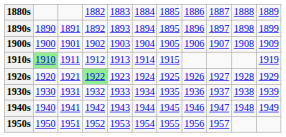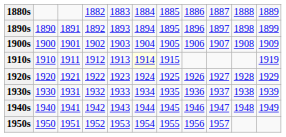 <table class="wikitable">
 <tr>
 <th>1880s</th>
 <td></td>
 <td></td>
 <td><a href='#'>1882</a></td>
 <td><a href='#'>1883</a></td>
 <td><a href='#'>1884</a></td>
 <td><a href='#'>1885</a></td>
 <td><a href='#'>1886</a></td>
 <td><a href='#'>1887</a></td>
 <td><a href='#'>1888</a></td>
 <td><a href='#'>1889</a></td>
 </tr>
 <tr>
 <th>1890s</th>
 <td><a href='#'>1890</a></td>
 <td><a href='#'>1891</a></td>
 <td><a href='#'>1892</a></td>
 <td><a href='#'>1893</a></td>
 <td><a href='#'>1894</a></td>
 <td><a href='#'>1895</a></td>
 <td><a href='#'>1896</a></td>
 <td><a href='#'>1897</a></td>
 <td><a href='#'>1898</a></td>
 <td><a href='#'>1899</a></td>
 </tr>
 <tr>
 <th>1900s</th>
 <td><a href='#'>1900</a></td>
 <td><a href='#'>1901</a></td>
 <td><a href='#'>1902</a></td>
 <td><a href='#'>1903</a></td>
 <td><a href='#'>1904</a></td>
 <td><a href='#'>1905</a></td>
 <td><a href='#'>1906</a></td>
 <td><a href='#'>1907</a></td>
 <td><a href='#'>1908</a></td>
 <td><a href='#'>1909</a></td>
 </tr>
 <tr>
 <th>1910s</th>
-<td style="background: lightgreen;"><a href='#'>1910</a></td>
+<td><a href='#'>1910</a></td>
 <td><a href='#'>1911</a></td>
 <td><a href='#'>1912</a></td>
 <td><a href='#'>1913</a></td>
-<td><a href='#'>1914</a></td>
+<td style="background: lightyellow;"><a href='#'>1914</a></td>
 <td><a href='#'>1915</a></td>
 <td></td>
 <td></td>
 <td></td>
 <td><a href='#'>1919</a></td>
 </tr>
 <tr>
 <th>1920s</th>
 <td><a href='#'>1920</a></td>
 <td><a href='#'>1921</a></td>
-<td style="background: lightgreen;"><a href='#'>1922</a></td>
+<td><a href='#'>1922</a></td>
 <td><a href='#'>1923</a></td>
 <td><a href='#'>1924</a></td>
 <td><a href='#'>1925</a></td>
 <td><a href='#'>1926</a></td>
 <td><a href='#'>1927</a></td>
 <td><a href='#'>1928</a></td>
 <td><a href='#'>1929</a></td>
 </tr>
 <tr>
 <th>1930s</th>
 <td><a href='#'>1930</a></td>
 <td><a href='#'>1931</a></td>
 <td><a href='#'>1932</a></td>
 <td><a href='#'>1933</a></td>
 <td><a href='#'>1934</a></td>
 <td><a href='#'>1935</a></td>
 <td><a href='#'>1936</a></td>
 <td><a href='#'>1937</a></td>
 <td><a href='#'>1938</a></td>
 <td><a href='#'>1939</a></td>
 </tr>
 <tr>
 <th>1940s</th>
 <td><a href='#'>1940</a></td>
 <td><a href='#'>1941</a></td>
 <td><a href='#'>1942</a></td>
 <td><a href='#'>1943</a></td>
 <td><a href='#'>1944</a></td>
 <td><a href='#'>1945</a></td>
 <td><a href='#'>1946</a></td>
 <td><a href='#'>1947</a></td>
 <td><a href='#'>1948</a></td>
 <td><a href='#'>1949</a></td>
 </tr>
 <tr>
 <th>1950s</th>
 <td><a href='#'>1950</a></td>
 <td><a href='#'>1951</a></td>
 <td><a href='#'>1952</a></td>
 <td><a href='#'>1953</a></td>
 <td><a href='#'>1954</a></td>
 <td><a href='#'>1955</a></td>
 <td><a href='#'>1956</a></td>
 <td><a href='#'>1957</a></td>
 <td></td>
 <td></td>
 </tr>
 </table>
